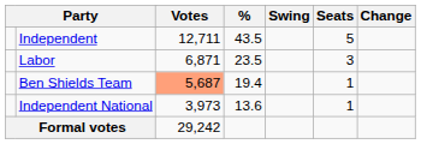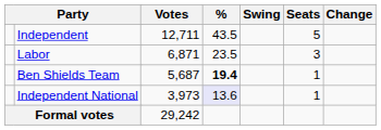 <table class="wikitable" style="text-align:right; margin-bottom:0">
 <tr>
 <th style="width:10px" colspan=3>Party</th>
 <th style="width:70px;">Votes</th>
 <th style="width:40px;">%</th>
 <th style="width:40px;">Swing</th>
 <th style="width:40px;">Seats</th>
 <th style="width:40px;">Change</th>
 </tr>
 <tr>
 <td> </td>
 <td style="text-align:left;" colspan="2"><a href='#'>Independent</a></td>
 <td>12,711</td>
 <td>43.5</td>
 <td></td>
 <td>5</td>
 <td></td>
 </tr>
 <tr>
 <td> </td>
 <td style="text-align:left;" colspan="2"><a href='#'>Labor</a></td>
 <td>6,871</td>
 <td>23.5</td>
 <td></td>
 <td>3</td>
 <td></td>
 </tr>
 <tr>
 <td> </td>
 <td style="text-align:left;" colspan="2"><a href='#'>Ben Shields Team</a></td>
-<td style="background: lightsalmon;">5,687</td>
-<td>19.4</td>
+<td>5,687</td>
+<td><strong>19.4</strong></td>
 <td></td>
 <td>1</td>
 <td></td>
 </tr>
 <tr>
 <td> </td>
 <td style="text-align:left;" colspan="2"><a href='#'>Independent National</a></td>
 <td>3,973</td>
-<td>13.6</td>
+<td style="background: lavender;">13.6</td>
 <td></td>
 <td>1</td>
 <td></td>
 </tr>
 <tr>
 <th colspan="3" rowspan="1"> Formal votes</th>
 <td>29,242</td>
 <td></td>
 <td></td>
 <td></td>
 <td></td>
 </tr>
 </table>
